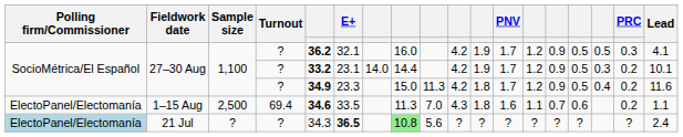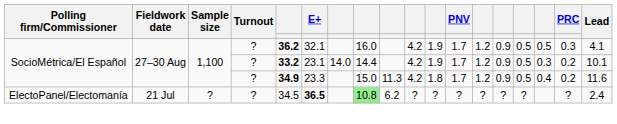 <table class="wikitable collapsible collapsed" style="text-align:center; font-size:95%; line-height:16px;">
 <tr style="height:42px;">
 <th style="width:250px;" rowspan="2">Polling firm/Commissioner</th>
 <th style="width:100px;" rowspan="2">Fieldwork date</th>
 <th style="width:50px;" rowspan="2">Sample size</th>
 <th style="width:50px;" rowspan="2">Turnout</th>
 <th style="width:35px;"></th>
 <th style="width:35px;"><a href='#'>E+</a></th>
 <th style="width:35px;"></th>
 <th style="width:35px;"></th>
 <th style="width:35px;"></th>
 <th style="width:35px;"></th>
 <th style="width:35px;"></th>
 <th style="width:35px;"><a href='#'>PNV</a></th>
 <th style="width:35px;"></th>
 <th style="width:35px;"></th>
 <th style="width:35px;"></th>
 <th style="width:35px;"></th>
 <th style="width:35px;"><a href='#'>PRC</a></th>
 <th style="width:30px;" rowspan="2">Lead</th>
 </tr>
 <tr>
 <th style="color:inherit;background:"></th>
 <th style="color:inherit;background:"></th>
 <th style="color:inherit;background:"></th>
 <th style="color:inherit;background:"></th>
 <th style="color:inherit;background:"></th>
 <th style="color:inherit;background:"></th>
 <th style="color:inherit;background:"></th>
 <th style="color:inherit;background:"></th>
 <th style="color:inherit;background:"></th>
 <th style="color:inherit;background:"></th>
 <th style="color:inherit;background:"></th>
 <th style="color:inherit;background:"></th>
 <th style="color:inherit;background:"></th>
 </tr>
 <tr>
 <td rowspan="3">SocioMétrica/El Español</td>
 <td rowspan="3">27–30 Aug</td>
 <td rowspan="3">1,100</td>
 <td>?</td>
 <td><strong>36.2</strong><br></td>
 <td>32.1<br></td>
 <td></td>
 <td>16.0<br></td>
 <td></td>
 <td>4.2<br></td>
 <td>1.9<br></td>
 <td>1.7<br></td>
 <td>1.2<br></td>
 <td>0.9<br></td>
 <td>0.5<br></td>
 <td>0.5<br></td>
 <td>0.3<br></td>
 <td style="background:">4.1</td>
 </tr>
 <tr>
 <td>?</td>
 <td><strong>33.2</strong><br></td>
 <td>23.1<br></td>
 <td>14.0<br></td>
 <td>14.4<br></td>
 <td></td>
 <td>4.2<br></td>
 <td>1.9<br></td>
 <td>1.7<br></td>
 <td>1.2<br></td>
 <td>0.9<br></td>
 <td>0.5<br></td>
 <td>0.3<br></td>
 <td>0.2<br></td>
 <td style="background:">10.1</td>
 </tr>
 <tr>
 <td>?</td>
 <td><strong>34.9</strong><br></td>
 <td>23.3<br></td>
 <td></td>
 <td>15.0<br></td>
 <td>11.3<br></td>
 <td>4.2<br></td>
 <td>1.8<br></td>
 <td>1.7<br></td>
 <td>1.2<br></td>
 <td>0.9<br></td>
 <td>0.5<br></td>
 <td>0.4<br></td>
 <td>0.2<br></td>
 <td style="background:">11.6</td>
 </tr>
 <tr>
 <td>ElectoPanel/Electomanía</td>
-<td>1–15 Aug</td>
-<td>2,500</td>
-<td>69.4</td>
-<td><strong>34.6</strong><br></td>
-<td>33.5<br></td>
-<td></td>
-<td>11.3<br></td>
-<td>7.0<br></td>
-<td>4.3<br></td>
-<td>1.8<br></td>
-<td>1.6<br></td>
-<td>1.1<br></td>
-<td>0.7<br></td>
-<td>0.6<br></td>
-<td></td>
-<td>0.2<br></td>
-<td style="background:">1.1</td>
-</tr>
-<tr>
-<td style="background: lightblue;">ElectoPanel/Electomanía</td>
 <td>21 Jul</td>
 <td>?</td>
 <td>?</td>
-<td>34.3<br></td>
+<td>34.5<br></td>
 <td><strong>36.5</strong><br></td>
 <td></td>
 <td style="background: lightgreen;">10.8<br></td>
-<td>5.6<br></td>
+<td>6.2<br></td>
 <td>?<br></td>
 <td>?<br></td>
 <td>?<br></td>
 <td>?<br></td>
 <td>?<br></td>
 <td>?<br></td>
 <td></td>
 <td>?<br></td>
 <td style="background:">2.4</td>
 </tr>
 </table>
